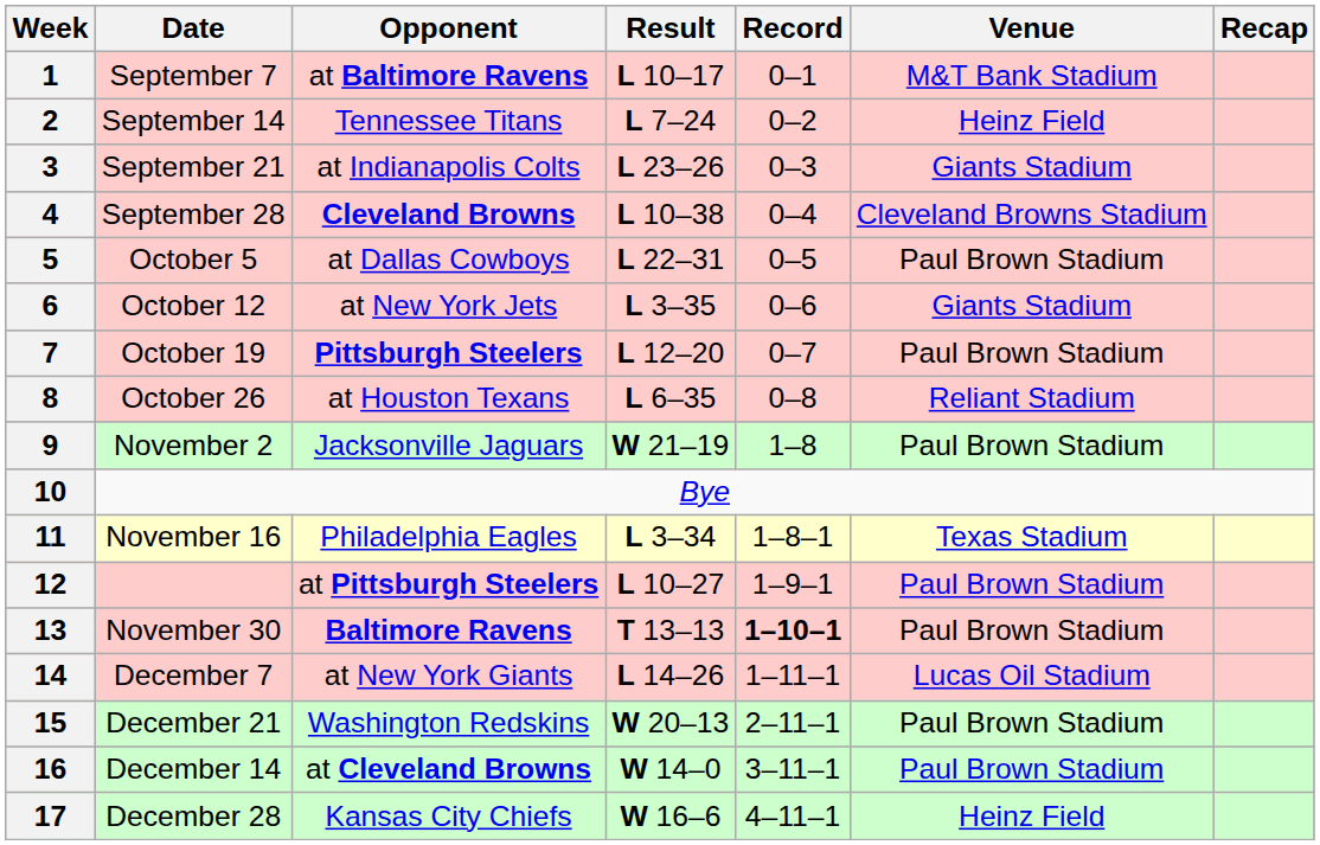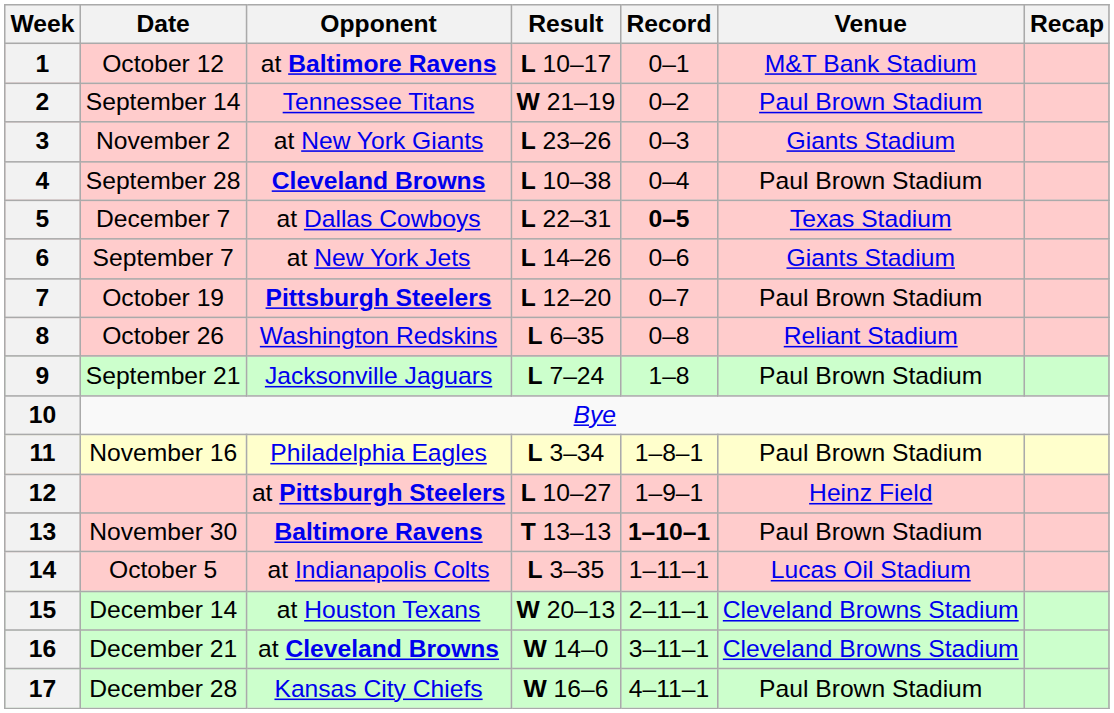 <table class="wikitable" style="text-align:center">
 <tr>
 <th>Week</th>
 <th>Date</th>
 <th>Opponent</th>
 <th>Result</th>
 <th>Record</th>
 <th>Venue</th>
 <th>Recap</th>
 </tr>
 <tr style="background:#fcc">
 <th>1</th>
-<td>September 7</td>
+<td>October 12</td>
 <td>at <strong><a href='#'>Baltimore Ravens</a></strong></td>
 <td><strong>L</strong> 10–17</td>
 <td>0–1</td>
 <td><a href='#'>M&T Bank Stadium</a></td>
 <td></td>
 </tr>
 <tr style="background:#fcc">
 <th>2</th>
 <td>September 14</td>
 <td><a href='#'>Tennessee Titans</a></td>
-<td><strong>L</strong> 7–24</td>
+<td><strong>W</strong> 21–19</td>
 <td>0–2</td>
-<td><a href='#'>Heinz Field</a></td>
+<td><a href='#'>Paul Brown Stadium</a></td>
 <td></td>
 </tr>
 <tr style="background:#fcc">
 <th>3</th>
-<td>September 21</td>
-<td>at <a href='#'>Indianapolis Colts</a></td>
+<td>November 2</td>
+<td>at <a href='#'>New York Giants</a></td>
 <td><strong>L</strong> 23–26 </td>
 <td>0–3</td>
 <td><a href='#'>Giants Stadium</a></td>
 <td></td>
 </tr>
 <tr style="background:#fcc">
 <th>4</th>
 <td>September 28</td>
 <td><strong><a href='#'>Cleveland Browns</a></strong></td>
 <td><strong>L</strong> 10–38</td>
 <td>0–4</td>
-<td><a href='#'>Cleveland Browns Stadium</a></td>
+<td>Paul Brown Stadium</td>
 <td></td>
 </tr>
 <tr style="background:#fcc">
 <th>5</th>
-<td>October 5</td>
+<td>December 7</td>
 <td>at <a href='#'>Dallas Cowboys</a></td>
 <td><strong>L</strong> 22–31</td>
-<td>0–5</td>
-<td>Paul Brown Stadium</td>
+<td><strong>0–5</strong></td>
+<td><a href='#'>Texas Stadium</a></td>
 <td></td>
 </tr>
 <tr style="background:#fcc">
 <th>6</th>
-<td>October 12</td>
+<td>September 7</td>
 <td>at <a href='#'>New York Jets</a></td>
-<td><strong>L</strong> 3–35</td>
+<td><strong>L</strong> 14–26</td>
 <td>0–6</td>
 <td><a href='#'>Giants Stadium</a></td>
 <td></td>
 </tr>
 <tr style="background:#fcc">
 <th>7</th>
 <td>October 19</td>
 <td><strong><a href='#'>Pittsburgh Steelers</a></strong></td>
 <td><strong>L</strong> 12–20</td>
 <td>0–7</td>
 <td>Paul Brown Stadium</td>
 <td></td>
 </tr>
 <tr style="background:#fcc">
 <th>8</th>
 <td>October 26</td>
-<td>at <a href='#'>Houston Texans</a></td>
+<td><a href='#'>Washington Redskins</a></td>
 <td><strong>L</strong> 6–35</td>
 <td>0–8</td>
 <td><a href='#'>Reliant Stadium</a></td>
 <td></td>
 </tr>
 <tr style="background:#cfc">
 <th>9</th>
-<td>November 2</td>
+<td>September 21</td>
 <td><a href='#'>Jacksonville Jaguars</a></td>
-<td><strong>W</strong> 21–19</td>
+<td><strong>L</strong> 7–24</td>
 <td>1–8</td>
 <td>Paul Brown Stadium</td>
 <td></td>
 </tr>
 <tr>
 <th>10</th>
 <td colspan="6"><em><a href='#'>Bye</a></em></td>
 </tr>
 <tr style="background:#ffc">
 <th>11</th>
 <td>November 16</td>
 <td><a href='#'>Philadelphia Eagles</a></td>
 <td><strong>L</strong> 3–34</td>
 <td>1–8–1</td>
-<td><a href='#'>Texas Stadium</a></td>
+<td>Paul Brown Stadium</td>
 <td></td>
 </tr>
 <tr style="background:#fcc">
 <th>12</th>
 <td></td>
 <td>at <strong><a href='#'>Pittsburgh Steelers</a></strong></td>
 <td><strong>L</strong> 10–27</td>
 <td>1–9–1</td>
-<td><a href='#'>Paul Brown Stadium</a></td>
+<td><a href='#'>Heinz Field</a></td>
 <td></td>
 </tr>
 <tr style="background:#fcc">
 <th>13</th>
 <td>November 30</td>
 <td><strong><a href='#'>Baltimore Ravens</a></strong></td>
 <td><strong>T</strong> 13–13 </td>
 <td><strong>1–10–1</strong></td>
 <td>Paul Brown Stadium</td>
 <td></td>
 </tr>
 <tr style="background:#fcc">
 <th>14</th>
-<td>December 7</td>
-<td>at <a href='#'>New York Giants</a></td>
-<td><strong>L</strong> 14–26</td>
+<td>October 5</td>
+<td>at <a href='#'>Indianapolis Colts</a></td>
+<td><strong>L</strong> 3–35</td>
 <td>1–11–1</td>
 <td><a href='#'>Lucas Oil Stadium</a></td>
 <td></td>
 </tr>
 <tr style="background:#cfc">
 <th>15</th>
-<td>December 21</td>
-<td><a href='#'>Washington Redskins</a></td>
+<td>December 14</td>
+<td>at <a href='#'>Houston Texans</a></td>
 <td><strong>W</strong> 20–13</td>
 <td>2–11–1</td>
-<td>Paul Brown Stadium</td>
+<td><a href='#'>Cleveland Browns Stadium</a></td>
 <td></td>
 </tr>
 <tr style="background:#cfc">
 <th>16</th>
-<td>December 14</td>
+<td>December 21</td>
 <td>at <strong><a href='#'>Cleveland Browns</a></strong></td>
 <td><strong>W</strong> 14–0</td>
 <td>3–11–1</td>
-<td><a href='#'>Paul Brown Stadium</a></td>
+<td><a href='#'>Cleveland Browns Stadium</a></td>
 <td></td>
 </tr>
 <tr style="background:#cfc">
 <th>17</th>
 <td>December 28</td>
 <td><a href='#'>Kansas City Chiefs</a></td>
 <td><strong>W</strong> 16–6</td>
 <td>4–11–1</td>
-<td><a href='#'>Heinz Field</a></td>
+<td>Paul Brown Stadium</td>
 <td></td>
 </tr>
 </table>
